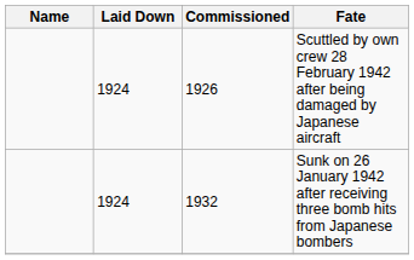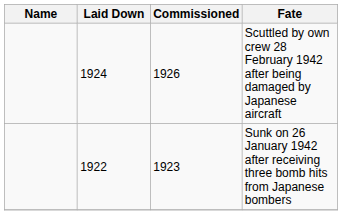 <table class="wikitable">
 <tr>
 <th width="90">Name</th>
 <th width="90">Laid Down</th>
 <th width="90">Commissioned</th>
 <th width="120">Fate</th>
 </tr>
 <tr>
 <td></td>
 <td>1924</td>
 <td>1926</td>
 <td>Scuttled by own crew 28 February 1942 after being damaged by Japanese aircraft</td>
 </tr>
 <tr>
 <td></td>
-<td>1924</td>
-<td>1932</td>
+<td>1922</td>
+<td>1923</td>
 <td>Sunk on 26 January 1942 after receiving three bomb hits from Japanese bombers</td>
 </tr>
 <tr>
 </tr>
 </table>
